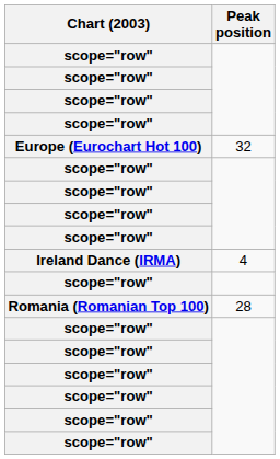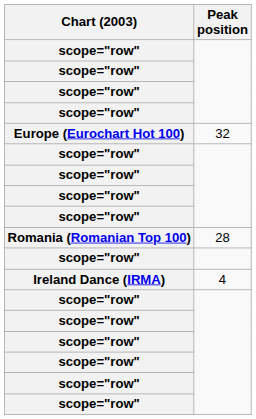 <table class="wikitable sortable plainrowheaders" style="text-align:center">
 <tr>
 <th>Chart (2003)</th>
 <th>Peak<br>position</th>
 </tr>
 <tr>
 <th>scope="row"</th>
 </tr>
 <tr>
 <th>scope="row"</th>
 </tr>
 <tr>
 <th>scope="row"</th>
 </tr>
 <tr>
 <th>scope="row"</th>
 </tr>
 <tr>
 <th scope="row">Europe (<a href='#'>Eurochart Hot 100</a>)</th>
 <td>32</td>
 </tr>
 <tr>
 <th>scope="row"</th>
 </tr>
 <tr>
 <th>scope="row"</th>
 </tr>
 <tr>
 <th>scope="row"</th>
 </tr>
 <tr>
 <th>scope="row"</th>
 </tr>
 <tr>
-<th scope="row">Ireland Dance (<a href='#'>IRMA</a>)</th>
-<td>4</td>
+<th scope="row">Romania (<a href='#'>Romanian Top 100</a>)</th>
+<td>28</td>
 </tr>
 <tr>
 <th>scope="row"</th>
 </tr>
 <tr>
-<th scope="row">Romania (<a href='#'>Romanian Top 100</a>)</th>
-<td>28</td>
+<th scope="row">Ireland Dance (<a href='#'>IRMA</a>)</th>
+<td>4</td>
 </tr>
 <tr>
 <th>scope="row"</th>
 </tr>
 <tr>
 <th>scope="row"</th>
 </tr>
 <tr>
 <th>scope="row"</th>
 </tr>
 <tr>
 <th>scope="row"</th>
 </tr>
 <tr>
 <th>scope="row"</th>
 </tr>
 <tr>
 <th>scope="row"</th>
 </tr>
 </table>
